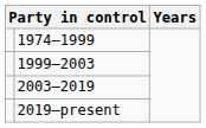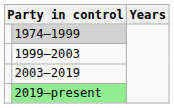 <table class="wikitable">
 <tr>
 <th colspan="2">Party in control</th>
 <th>Years</th>
 </tr>
 <tr>
 <td></td>
-<td>1974–1999</td>
+<td style="background: lightgrey;">1974–1999</td>
 </tr>
 <tr>
 <td></td>
 <td>1999–2003</td>
 </tr>
 <tr>
 <td></td>
 <td>2003–2019</td>
 </tr>
 <tr>
 <td></td>
-<td>2019–present</td>
+<td style="background: lightgreen;">2019–present</td>
 </tr>
 </table>
